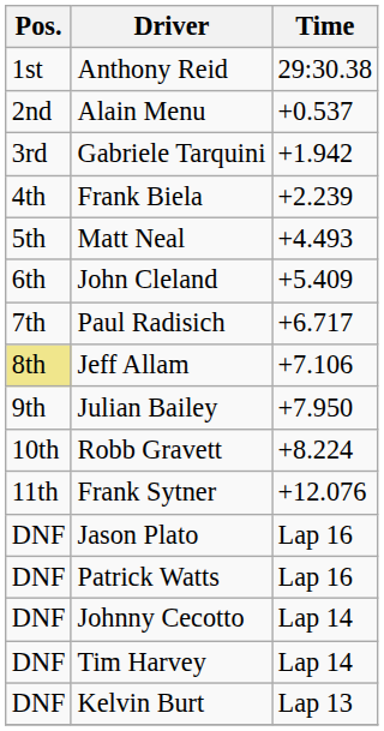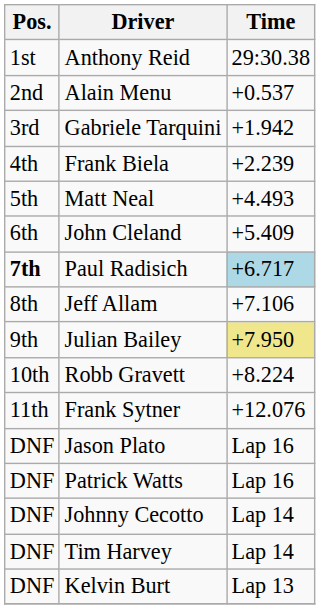 <table class="wikitable" style="font-size: 100%;">
 <tr>
 <th>Pos.</th>
 <th>Driver</th>
 <th>Time</th>
 </tr>
 <tr>
 <td>1st</td>
 <td>Anthony Reid</td>
 <td>29:30.38</td>
 </tr>
 <tr>
 <td>2nd</td>
 <td>Alain Menu</td>
 <td>+0.537</td>
 </tr>
 <tr>
 <td>3rd</td>
 <td>Gabriele Tarquini</td>
 <td>+1.942</td>
 </tr>
 <tr>
 <td>4th</td>
 <td>Frank Biela</td>
 <td>+2.239</td>
 </tr>
 <tr>
 <td>5th</td>
 <td>Matt Neal</td>
 <td>+4.493</td>
 </tr>
 <tr>
 <td>6th</td>
 <td>John Cleland</td>
 <td>+5.409</td>
 </tr>
 <tr>
-<td>7th</td>
+<td><strong>7th</strong></td>
 <td>Paul Radisich</td>
-<td>+6.717</td>
+<td style="background: lightblue;">+6.717</td>
 </tr>
 <tr>
-<td style="background: khaki;">8th</td>
+<td>8th</td>
 <td>Jeff Allam</td>
 <td>+7.106</td>
 </tr>
 <tr>
 <td>9th</td>
 <td>Julian Bailey</td>
-<td>+7.950</td>
+<td style="background: khaki;">+7.950</td>
 </tr>
 <tr>
 <td>10th</td>
 <td>Robb Gravett</td>
 <td>+8.224</td>
 </tr>
 <tr>
 <td>11th</td>
 <td>Frank Sytner</td>
 <td>+12.076</td>
 </tr>
 <tr>
 <td>DNF</td>
 <td>Jason Plato</td>
 <td>Lap 16</td>
 </tr>
 <tr>
 <td>DNF</td>
 <td>Patrick Watts</td>
 <td>Lap 16</td>
 </tr>
 <tr>
 <td>DNF</td>
 <td>Johnny Cecotto</td>
 <td>Lap 14</td>
 </tr>
 <tr>
 <td>DNF</td>
 <td>Tim Harvey</td>
 <td>Lap 14</td>
 </tr>
 <tr>
 <td>DNF</td>
 <td>Kelvin Burt</td>
 <td>Lap 13</td>
 </tr>
 <tr>
 </tr>
 </table>
